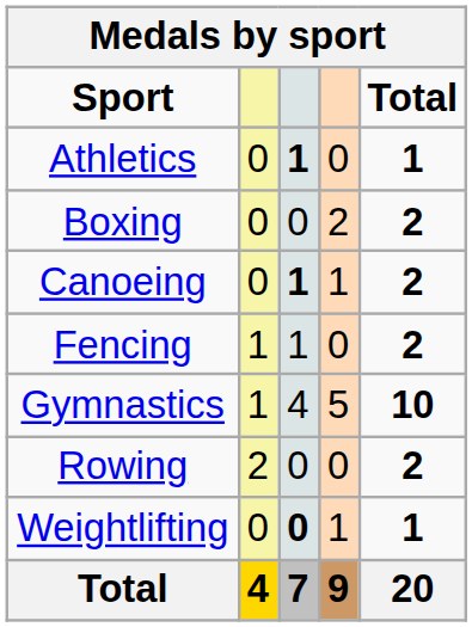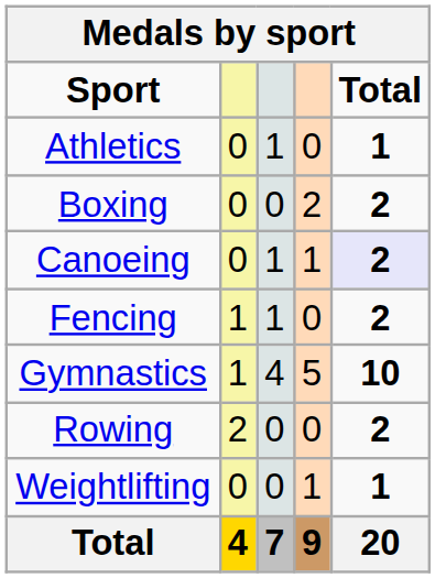 <table class="wikitable" style="font-size:85%; float: right;">
 <tr style="background:#efefef;">
 <th colspan=5><strong>Medals by sport</strong></th>
 </tr>
 <tr align=center>
 <td><strong>Sport</strong></td>
 <td bgcolor=#f7f6a8></td>
 <td bgcolor=#dce5e5></td>
 <td bgcolor=#ffdab9></td>
 <td><strong>Total</strong></td>
 </tr>
 <tr align=center>
 <td><a href='#'>Athletics</a></td>
 <td style="background:#F7F6A8;">0</td>
-<td style="background:#DCE5E5;"><strong>1</strong></td>
+<td style="background:#DCE5E5;">1</td>
 <td style="background:#FFDAB9;">0</td>
 <td><strong>1</strong></td>
 </tr>
 <tr align=center>
 <td><a href='#'>Boxing</a></td>
 <td style="background:#F7F6A8;">0</td>
 <td style="background:#DCE5E5;">0</td>
 <td style="background:#FFDAB9;">2</td>
 <td><strong>2</strong></td>
 </tr>
 <tr align=center>
 <td><a href='#'>Canoeing</a></td>
 <td style="background:#F7F6A8;">0</td>
-<td style="background:#DCE5E5;"><strong>1</strong></td>
+<td style="background:#DCE5E5;">1</td>
 <td style="background:#FFDAB9;">1</td>
-<td><strong>2</strong></td>
+<td style="background: lavender;"><strong>2</strong></td>
 </tr>
 <tr align=center>
 <td><a href='#'>Fencing</a></td>
 <td style="background:#F7F6A8;">1</td>
 <td style="background:#DCE5E5;">1</td>
 <td style="background:#FFDAB9;">0</td>
 <td><strong>2</strong></td>
 </tr>
 <tr align=center>
 <td><a href='#'>Gymnastics</a></td>
 <td style="background:#F7F6A8;">1</td>
 <td style="background:#DCE5E5;">4</td>
 <td style="background:#FFDAB9;">5</td>
 <td><strong>10</strong></td>
 </tr>
 <tr align=center>
 <td><a href='#'>Rowing</a></td>
 <td style="background:#F7F6A8;">2</td>
 <td style="background:#DCE5E5;">0</td>
 <td style="background:#FFDAB9;">0</td>
 <td><strong>2</strong></td>
 </tr>
 <tr align=center>
 <td><a href='#'>Weightlifting</a></td>
 <td style="background:#F7F6A8;">0</td>
-<td style="background:#DCE5E5;"><strong>0</strong></td>
+<td style="background:#DCE5E5;">0</td>
 <td style="background:#FFDAB9;">1</td>
 <td><strong>1</strong></td>
 </tr>
 <tr align=center>
 <th><strong>Total</strong></th>
 <th style="background:gold;"><strong>4</strong></th>
 <th style="background:silver;"><strong>7</strong></th>
 <th style="background:#c96;"><strong>9</strong></th>
 <th><strong>20</strong></th>
 </tr>
 </table>
